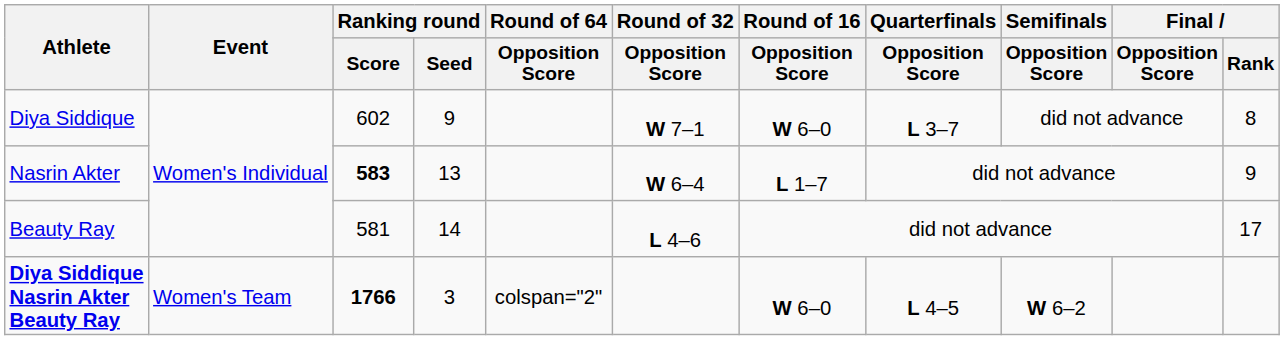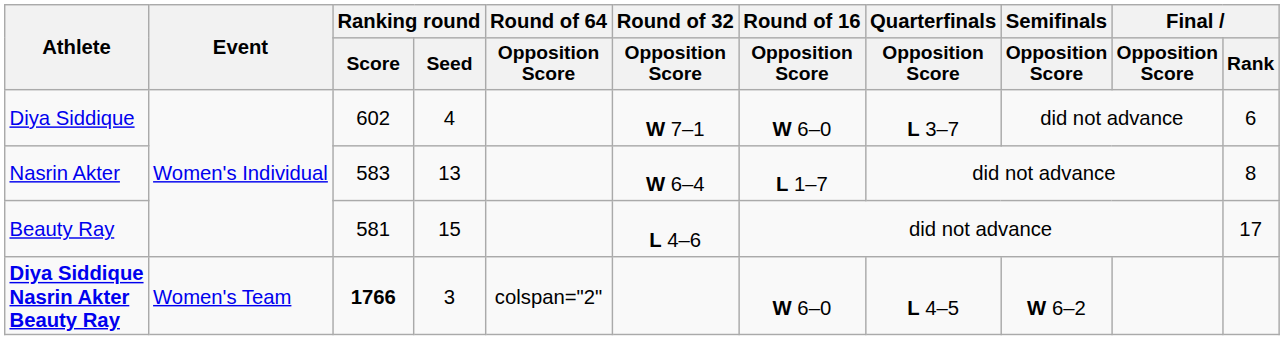 <table class=wikitable style=font-size:88%;text-align:center>
 <tr>
 <th rowspan=2>Athlete</th>
 <th rowspan=2>Event</th>
 <th colspan=2>Ranking round</th>
 <th>Round of 64</th>
 <th>Round of 32</th>
 <th>Round of 16</th>
 <th>Quarterfinals</th>
 <th>Semifinals</th>
 <th colspan=2>Final / </th>
 </tr>
 <tr style=font-size:95%>
 <th>Score</th>
 <th>Seed</th>
 <th>Opposition<br>Score</th>
 <th>Opposition<br>Score</th>
 <th>Opposition<br>Score</th>
 <th>Opposition<br>Score</th>
 <th>Opposition<br>Score</th>
 <th>Opposition<br>Score</th>
 <th>Rank</th>
 </tr>
 <tr>
 <td align=left><a href='#'>Diya Siddique</a></td>
 <td align=left rowspan=3><a href='#'>Women's Individual</a></td>
 <td>602</td>
-<td>9</td>
+<td>4</td>
 <td></td>
 <td><br><strong>W</strong> 7–1</td>
 <td><br><strong>W</strong> 6–0</td>
 <td><br><strong>L</strong> 3–7</td>
 <td colspan="2">did not advance</td>
-<td>8</td>
+<td>6</td>
 </tr>
 <tr>
 <td align=left><a href='#'>Nasrin Akter</a></td>
-<td><strong>583</strong></td>
+<td>583</td>
 <td>13</td>
 <td></td>
 <td><br><strong>W</strong> 6–4</td>
 <td><br><strong>L</strong> 1–7</td>
 <td colspan="3">did not advance</td>
-<td>9</td>
+<td>8</td>
 </tr>
 <tr>
 <td align=left><a href='#'>Beauty Ray</a></td>
 <td>581</td>
-<td>14</td>
+<td>15</td>
 <td></td>
 <td><br><strong>L</strong> 4–6</td>
 <td colspan="4">did not advance</td>
 <td>17</td>
 </tr>
 <tr>
 <td align=left><strong><a href='#'>Diya Siddique</a><br><a href='#'>Nasrin Akter</a><br><a href='#'>Beauty Ray</a></strong></td>
 <td align=left><a href='#'>Women's Team</a></td>
 <td><strong>1766</strong></td>
 <td>3</td>
 <td>colspan="2" </td>
 <td></td>
 <td><br><strong>W</strong> 6–0</td>
 <td><br><strong>L</strong> 4–5</td>
 <td><br><strong>W</strong> 6–2</td>
 <td></td>
 </tr>
 </table>
